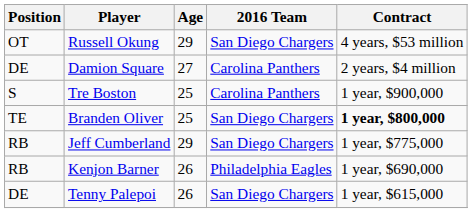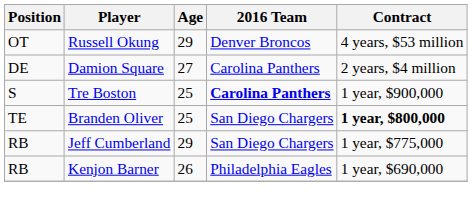 <table class="wikitable" style="font-size: 95%; text-align: left">
 <tr>
 <th>Position</th>
 <th>Player</th>
 <th>Age</th>
 <th>2016 Team</th>
 <th>Contract</th>
 </tr>
 <tr>
 <td>OT</td>
 <td><a href='#'>Russell Okung</a></td>
 <td>29</td>
-<td><a href='#'>San Diego Chargers</a></td>
+<td><a href='#'>Denver Broncos</a></td>
 <td>4 years, $53 million</td>
 </tr>
 <tr>
 <td>DE</td>
 <td><a href='#'>Damion Square</a></td>
 <td>27</td>
 <td><a href='#'>Carolina Panthers</a></td>
 <td>2 years, $4 million</td>
 </tr>
 <tr>
 <td>S</td>
 <td><a href='#'>Tre Boston</a></td>
 <td>25</td>
-<td><a href='#'>Carolina Panthers</a></td>
+<td><strong><a href='#'>Carolina Panthers</a></strong></td>
 <td>1 year, $900,000</td>
 </tr>
 <tr>
 <td>TE</td>
 <td><a href='#'>Branden Oliver</a></td>
 <td>25</td>
 <td><a href='#'>San Diego Chargers</a></td>
 <td><strong>1 year, $800,000</strong></td>
 </tr>
 <tr>
 <td>RB</td>
 <td><a href='#'>Jeff Cumberland</a></td>
 <td>29</td>
 <td><a href='#'>San Diego Chargers</a></td>
 <td>1 year, $775,000</td>
 </tr>
 <tr>
 <td>RB</td>
 <td><a href='#'>Kenjon Barner</a></td>
 <td>26</td>
 <td><a href='#'>Philadelphia Eagles</a></td>
 <td>1 year, $690,000</td>
 </tr>
 <tr>
-<td>DE</td>
-<td><a href='#'>Tenny Palepoi</a></td>
-<td>26</td>
-<td><a href='#'>San Diego Chargers</a></td>
-<td>1 year, $615,000</td>
-</tr>
-<tr>
 </tr>
 </table>
